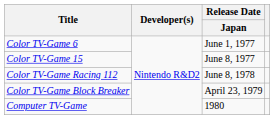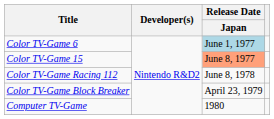 <table class="wikitable sortable plainrowheaders">
 <tr>
 <th scope="col" rowspan="2">Title</th>
 <th scope="col" rowspan="2">Developer(s)</th>
 <th scope="col">Release Date</th>
 <th scope="col" rowspan="2" class="unsortable"></th>
 </tr>
 <tr>
 <th scope="col" data-sort-type="date">Japan</th>
 </tr>
 <tr>
 <td><em><a href='#'>Color TV-Game 6</a></em></td>
 <td rowspan="5"><a href='#'>Nintendo R&D2</a></td>
-<td>June 1, 1977</td>
+<td style="background: lightblue;">June 1, 1977</td>
 <td></td>
 </tr>
 <tr>
 <td><em><a href='#'>Color TV-Game 15</a></em></td>
-<td>June 8, 1977</td>
+<td style="background: lightsalmon;">June 8, 1977</td>
 <td></td>
 </tr>
 <tr>
 <td><em><a href='#'>Color TV-Game Racing 112</a></em></td>
 <td>June 8, 1978</td>
 <td></td>
 </tr>
 <tr>
 <td><em><a href='#'>Color TV-Game Block Breaker</a></em></td>
 <td>April 23, 1979</td>
 <td></td>
 </tr>
 <tr>
 <td><em><a href='#'>Computer TV-Game</a></em></td>
 <td>1980</td>
 <td></td>
 </tr>
 </table>
